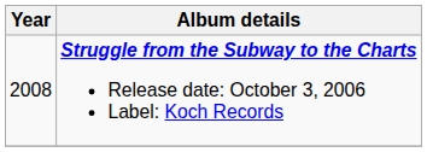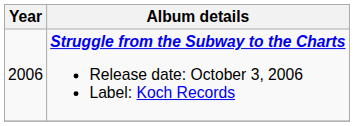 <table class="wikitable" style="text-align:center;">
 <tr>
 <th>Year</th>
 <th>Album details</th>
 </tr>
 <tr>
-<td>2008</td>
+<td>2006</td>
 <td align="left"><strong><em><a href='#'>Struggle from the Subway to the Charts</a></em></strong><br><ul><li>Release date: October 3, 2006</li><li>Label: <a href='#'>Koch Records</a></li></ul></td>
 </tr>
 <tr>
 </tr>
 </table>
